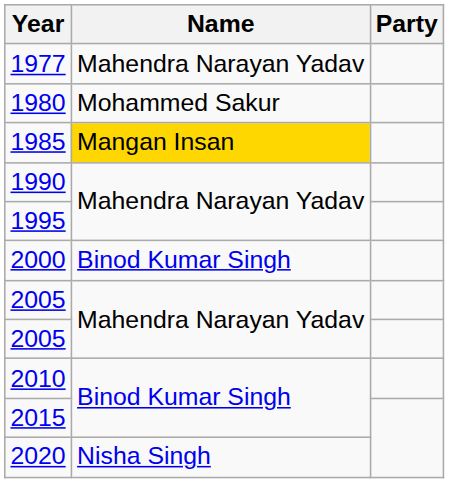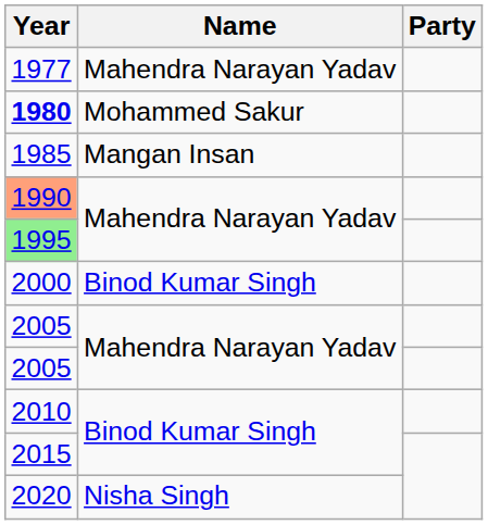 <table class="wikitable sortable">
 <tr>
 <th>Year</th>
 <th>Name</th>
 <th colspan="2">Party</th>
 </tr>
 <tr>
 <td><a href='#'>1977</a></td>
 <td>Mahendra Narayan Yadav</td>
 <td></td>
 </tr>
 <tr>
-<td><a href='#'>1980</a></td>
+<td><strong><a href='#'>1980</a></strong></td>
 <td>Mohammed Sakur</td>
 <td></td>
 </tr>
 <tr>
 <td><a href='#'>1985</a></td>
-<td style="background: gold;">Mangan Insan</td>
+<td>Mangan Insan</td>
 </tr>
 <tr>
-<td><a href='#'>1990</a></td>
+<td style="background: lightsalmon;"><a href='#'>1990</a></td>
 <td rowspan="2">Mahendra Narayan Yadav</td>
 <td></td>
 </tr>
 <tr>
-<td><a href='#'>1995</a></td>
+<td style="background: lightgreen;"><a href='#'>1995</a></td>
 </tr>
 <tr>
 <td><a href='#'>2000</a></td>
 <td><a href='#'>Binod Kumar Singh</a></td>
 <td></td>
 </tr>
 <tr>
 <td><a href='#'>2005</a></td>
 <td rowspan="2">Mahendra Narayan Yadav</td>
 <td></td>
 </tr>
 <tr>
 <td><a href='#'>2005</a></td>
 </tr>
 <tr>
 <td><a href='#'>2010</a></td>
 <td rowspan="2"><a href='#'>Binod Kumar Singh</a></td>
 <td></td>
 </tr>
 <tr>
 <td><a href='#'>2015</a></td>
 </tr>
 <tr>
 <td><a href='#'>2020</a></td>
 <td><a href='#'>Nisha Singh</a></td>
 </tr>
 </table>
